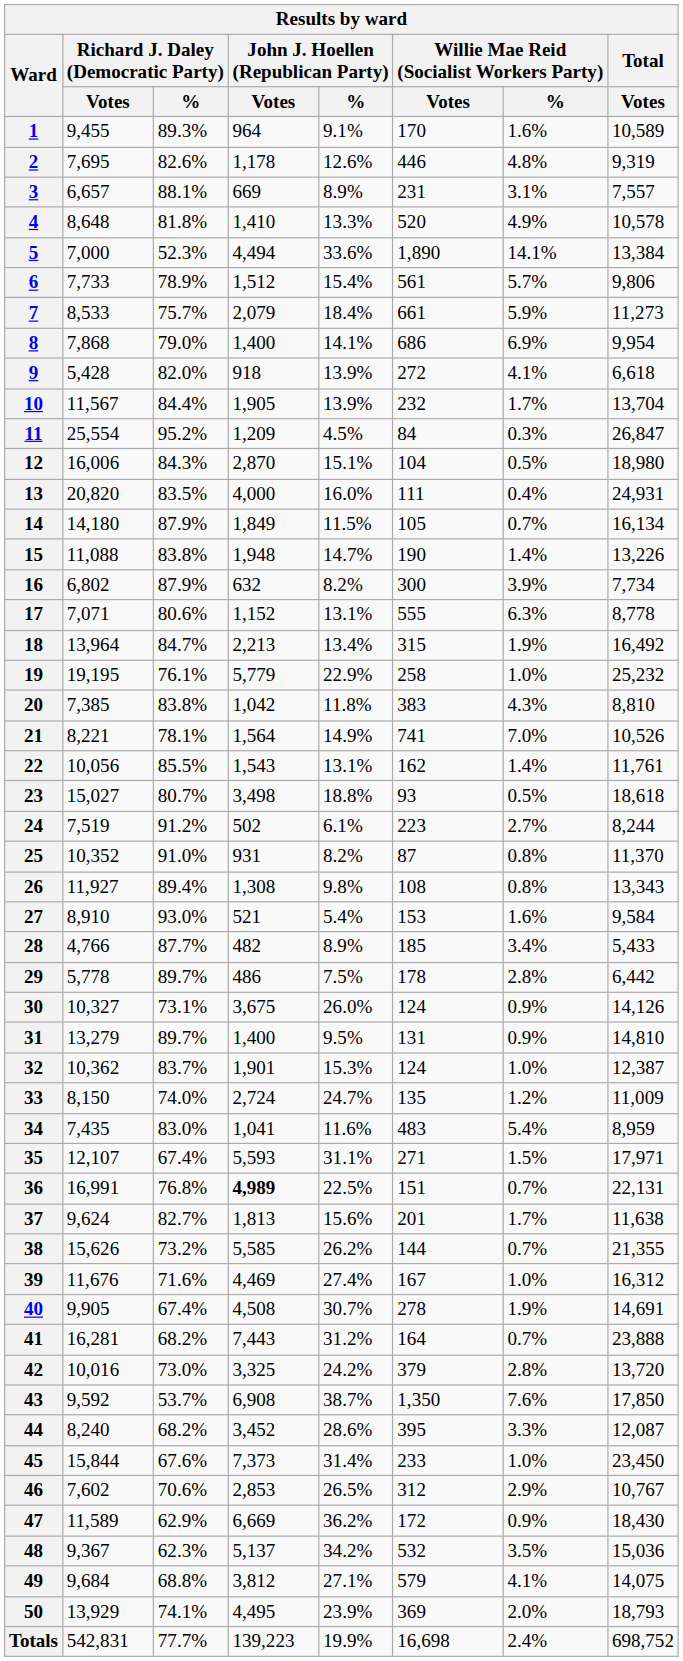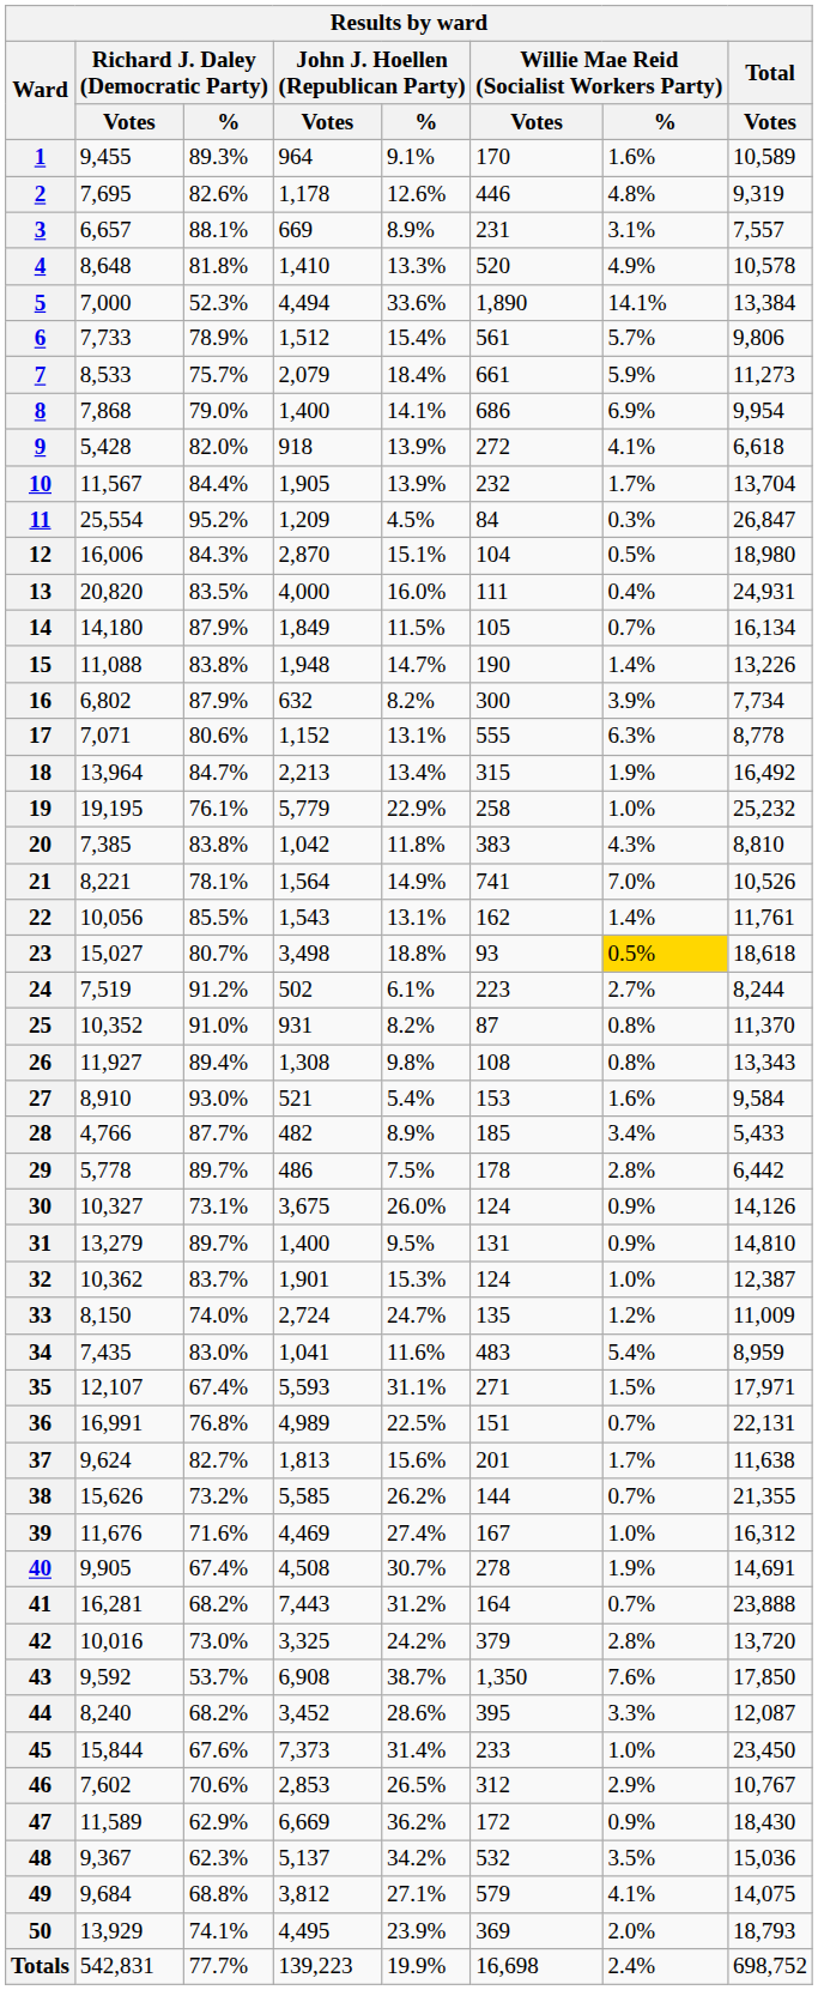 <table class="wikitable sortable">
 <tr>
 <th colspan=8>Results by ward</th>
 </tr>
 <tr>
 <th rowspan=2>Ward</th>
 <th colspan=2>Richard J. Daley<br>(Democratic Party)</th>
 <th colspan=2>John J. Hoellen<br>(Republican Party)</th>
 <th colspan=2>Willie Mae Reid<br>(Socialist Workers Party)</th>
 <th>Total</th>
 </tr>
 <tr>
 <th>Votes</th>
 <th>%</th>
 <th>Votes</th>
 <th>%</th>
 <th>Votes</th>
 <th>%</th>
 <th>Votes</th>
 </tr>
 <tr>
 <th><a href='#'>1</a></th>
 <td>9,455</td>
 <td>89.3%</td>
 <td>964</td>
 <td>9.1%</td>
 <td>170</td>
 <td>1.6%</td>
 <td>10,589</td>
 </tr>
 <tr>
 <th><a href='#'>2</a></th>
 <td>7,695</td>
 <td>82.6%</td>
 <td>1,178</td>
 <td>12.6%</td>
 <td>446</td>
 <td>4.8%</td>
 <td>9,319</td>
 </tr>
 <tr>
 <th><a href='#'>3</a></th>
 <td>6,657</td>
 <td>88.1%</td>
 <td>669</td>
 <td>8.9%</td>
 <td>231</td>
 <td>3.1%</td>
 <td>7,557</td>
 </tr>
 <tr>
 <th><a href='#'>4</a></th>
 <td>8,648</td>
 <td>81.8%</td>
 <td>1,410</td>
 <td>13.3%</td>
 <td>520</td>
 <td>4.9%</td>
 <td>10,578</td>
 </tr>
 <tr>
 <th><a href='#'>5</a></th>
 <td>7,000</td>
 <td>52.3%</td>
 <td>4,494</td>
 <td>33.6%</td>
 <td>1,890</td>
 <td>14.1%</td>
 <td>13,384</td>
 </tr>
 <tr>
 <th><a href='#'>6</a></th>
 <td>7,733</td>
 <td>78.9%</td>
 <td>1,512</td>
 <td>15.4%</td>
 <td>561</td>
 <td>5.7%</td>
 <td>9,806</td>
 </tr>
 <tr>
 <th><a href='#'>7</a></th>
 <td>8,533</td>
 <td>75.7%</td>
 <td>2,079</td>
 <td>18.4%</td>
 <td>661</td>
 <td>5.9%</td>
 <td>11,273</td>
 </tr>
 <tr>
 <th><a href='#'>8</a></th>
 <td>7,868</td>
 <td>79.0%</td>
 <td>1,400</td>
 <td>14.1%</td>
 <td>686</td>
 <td>6.9%</td>
 <td>9,954</td>
 </tr>
 <tr>
 <th><a href='#'>9</a></th>
 <td>5,428</td>
 <td>82.0%</td>
 <td>918</td>
 <td>13.9%</td>
 <td>272</td>
 <td>4.1%</td>
 <td>6,618</td>
 </tr>
 <tr>
 <th><a href='#'>10</a></th>
 <td>11,567</td>
 <td>84.4%</td>
 <td>1,905</td>
 <td>13.9%</td>
 <td>232</td>
 <td>1.7%</td>
 <td>13,704</td>
 </tr>
 <tr>
 <th><a href='#'>11</a></th>
 <td>25,554</td>
 <td>95.2%</td>
 <td>1,209</td>
 <td>4.5%</td>
 <td>84</td>
 <td>0.3%</td>
 <td>26,847</td>
 </tr>
 <tr>
 <th>12</th>
 <td>16,006</td>
 <td>84.3%</td>
 <td>2,870</td>
 <td>15.1%</td>
 <td>104</td>
 <td>0.5%</td>
 <td>18,980</td>
 </tr>
 <tr>
 <th>13</th>
 <td>20,820</td>
 <td>83.5%</td>
 <td>4,000</td>
 <td>16.0%</td>
 <td>111</td>
 <td>0.4%</td>
 <td>24,931</td>
 </tr>
 <tr>
 <th>14</th>
 <td>14,180</td>
 <td>87.9%</td>
 <td>1,849</td>
 <td>11.5%</td>
 <td>105</td>
 <td>0.7%</td>
 <td>16,134</td>
 </tr>
 <tr>
 <th>15</th>
 <td>11,088</td>
 <td>83.8%</td>
 <td>1,948</td>
 <td>14.7%</td>
 <td>190</td>
 <td>1.4%</td>
 <td>13,226</td>
 </tr>
 <tr>
 <th>16</th>
 <td>6,802</td>
 <td>87.9%</td>
 <td>632</td>
 <td>8.2%</td>
 <td>300</td>
 <td>3.9%</td>
 <td>7,734</td>
 </tr>
 <tr>
 <th>17</th>
 <td>7,071</td>
 <td>80.6%</td>
 <td>1,152</td>
 <td>13.1%</td>
 <td>555</td>
 <td>6.3%</td>
 <td>8,778</td>
 </tr>
 <tr>
 <th>18</th>
 <td>13,964</td>
 <td>84.7%</td>
 <td>2,213</td>
 <td>13.4%</td>
 <td>315</td>
 <td>1.9%</td>
 <td>16,492</td>
 </tr>
 <tr>
 <th>19</th>
 <td>19,195</td>
 <td>76.1%</td>
 <td>5,779</td>
 <td>22.9%</td>
 <td>258</td>
 <td>1.0%</td>
 <td>25,232</td>
 </tr>
 <tr>
 <th>20</th>
 <td>7,385</td>
 <td>83.8%</td>
 <td>1,042</td>
 <td>11.8%</td>
 <td>383</td>
 <td>4.3%</td>
 <td>8,810</td>
 </tr>
 <tr>
 <th>21</th>
 <td>8,221</td>
 <td>78.1%</td>
 <td>1,564</td>
 <td>14.9%</td>
 <td>741</td>
 <td>7.0%</td>
 <td>10,526</td>
 </tr>
 <tr>
 <th>22</th>
 <td>10,056</td>
 <td>85.5%</td>
 <td>1,543</td>
 <td>13.1%</td>
 <td>162</td>
 <td>1.4%</td>
 <td>11,761</td>
 </tr>
 <tr>
 <th>23</th>
 <td>15,027</td>
 <td>80.7%</td>
 <td>3,498</td>
 <td>18.8%</td>
 <td>93</td>
-<td>0.5%</td>
+<td style="background: gold;">0.5%</td>
 <td>18,618</td>
 </tr>
 <tr>
 <th>24</th>
 <td>7,519</td>
 <td>91.2%</td>
 <td>502</td>
 <td>6.1%</td>
 <td>223</td>
 <td>2.7%</td>
 <td>8,244</td>
 </tr>
 <tr>
 <th>25</th>
 <td>10,352</td>
 <td>91.0%</td>
 <td>931</td>
 <td>8.2%</td>
 <td>87</td>
 <td>0.8%</td>
 <td>11,370</td>
 </tr>
 <tr>
 <th>26</th>
 <td>11,927</td>
 <td>89.4%</td>
 <td>1,308</td>
 <td>9.8%</td>
 <td>108</td>
 <td>0.8%</td>
 <td>13,343</td>
 </tr>
 <tr>
 <th>27</th>
 <td>8,910</td>
 <td>93.0%</td>
 <td>521</td>
 <td>5.4%</td>
 <td>153</td>
 <td>1.6%</td>
 <td>9,584</td>
 </tr>
 <tr>
 <th>28</th>
 <td>4,766</td>
 <td>87.7%</td>
 <td>482</td>
 <td>8.9%</td>
 <td>185</td>
 <td>3.4%</td>
 <td>5,433</td>
 </tr>
 <tr>
 <th>29</th>
 <td>5,778</td>
 <td>89.7%</td>
 <td>486</td>
 <td>7.5%</td>
 <td>178</td>
 <td>2.8%</td>
 <td>6,442</td>
 </tr>
 <tr>
 <th>30</th>
 <td>10,327</td>
 <td>73.1%</td>
 <td>3,675</td>
 <td>26.0%</td>
 <td>124</td>
 <td>0.9%</td>
 <td>14,126</td>
 </tr>
 <tr>
 <th>31</th>
 <td>13,279</td>
 <td>89.7%</td>
 <td>1,400</td>
 <td>9.5%</td>
 <td>131</td>
 <td>0.9%</td>
 <td>14,810</td>
 </tr>
 <tr>
 <th>32</th>
 <td>10,362</td>
 <td>83.7%</td>
 <td>1,901</td>
 <td>15.3%</td>
 <td>124</td>
 <td>1.0%</td>
 <td>12,387</td>
 </tr>
 <tr>
 <th>33</th>
 <td>8,150</td>
 <td>74.0%</td>
 <td>2,724</td>
 <td>24.7%</td>
 <td>135</td>
 <td>1.2%</td>
 <td>11,009</td>
 </tr>
 <tr>
 <th>34</th>
 <td>7,435</td>
 <td>83.0%</td>
 <td>1,041</td>
 <td>11.6%</td>
 <td>483</td>
 <td>5.4%</td>
 <td>8,959</td>
 </tr>
 <tr>
 <th>35</th>
 <td>12,107</td>
 <td>67.4%</td>
 <td>5,593</td>
 <td>31.1%</td>
 <td>271</td>
 <td>1.5%</td>
 <td>17,971</td>
 </tr>
 <tr>
 <th>36</th>
 <td>16,991</td>
 <td>76.8%</td>
-<td><strong>4,989</strong></td>
+<td>4,989</td>
 <td>22.5%</td>
 <td>151</td>
 <td>0.7%</td>
 <td>22,131</td>
 </tr>
 <tr>
 <th>37</th>
 <td>9,624</td>
 <td>82.7%</td>
 <td>1,813</td>
 <td>15.6%</td>
 <td>201</td>
 <td>1.7%</td>
 <td>11,638</td>
 </tr>
 <tr>
 <th>38</th>
 <td>15,626</td>
 <td>73.2%</td>
 <td>5,585</td>
 <td>26.2%</td>
 <td>144</td>
 <td>0.7%</td>
 <td>21,355</td>
 </tr>
 <tr>
 <th>39</th>
 <td>11,676</td>
 <td>71.6%</td>
 <td>4,469</td>
 <td>27.4%</td>
 <td>167</td>
 <td>1.0%</td>
 <td>16,312</td>
 </tr>
 <tr>
 <th><a href='#'>40</a></th>
 <td>9,905</td>
 <td>67.4%</td>
 <td>4,508</td>
 <td>30.7%</td>
 <td>278</td>
 <td>1.9%</td>
 <td>14,691</td>
 </tr>
 <tr>
 <th>41</th>
 <td>16,281</td>
 <td>68.2%</td>
 <td>7,443</td>
 <td>31.2%</td>
 <td>164</td>
 <td>0.7%</td>
 <td>23,888</td>
 </tr>
 <tr>
 <th>42</th>
 <td>10,016</td>
 <td>73.0%</td>
 <td>3,325</td>
 <td>24.2%</td>
 <td>379</td>
 <td>2.8%</td>
 <td>13,720</td>
 </tr>
 <tr>
 <th>43</th>
 <td>9,592</td>
 <td>53.7%</td>
 <td>6,908</td>
 <td>38.7%</td>
 <td>1,350</td>
 <td>7.6%</td>
 <td>17,850</td>
 </tr>
 <tr>
 <th>44</th>
 <td>8,240</td>
 <td>68.2%</td>
 <td>3,452</td>
 <td>28.6%</td>
 <td>395</td>
 <td>3.3%</td>
 <td>12,087</td>
 </tr>
 <tr>
 <th>45</th>
 <td>15,844</td>
 <td>67.6%</td>
 <td>7,373</td>
 <td>31.4%</td>
 <td>233</td>
 <td>1.0%</td>
 <td>23,450</td>
 </tr>
 <tr>
 <th>46</th>
 <td>7,602</td>
 <td>70.6%</td>
 <td>2,853</td>
 <td>26.5%</td>
 <td>312</td>
 <td>2.9%</td>
 <td>10,767</td>
 </tr>
 <tr>
 <th>47</th>
 <td>11,589</td>
 <td>62.9%</td>
 <td>6,669</td>
 <td>36.2%</td>
 <td>172</td>
 <td>0.9%</td>
 <td>18,430</td>
 </tr>
 <tr>
 <th>48</th>
 <td>9,367</td>
 <td>62.3%</td>
 <td>5,137</td>
 <td>34.2%</td>
 <td>532</td>
 <td>3.5%</td>
 <td>15,036</td>
 </tr>
 <tr>
 <th>49</th>
 <td>9,684</td>
 <td>68.8%</td>
 <td>3,812</td>
 <td>27.1%</td>
 <td>579</td>
 <td>4.1%</td>
 <td>14,075</td>
 </tr>
 <tr>
 <th>50</th>
 <td>13,929</td>
 <td>74.1%</td>
 <td>4,495</td>
 <td>23.9%</td>
 <td>369</td>
 <td>2.0%</td>
 <td>18,793</td>
 </tr>
 <tr>
 <th>Totals</th>
 <td>542,831</td>
 <td>77.7%</td>
 <td>139,223</td>
 <td>19.9%</td>
 <td>16,698</td>
 <td>2.4%</td>
 <td>698,752</td>
 </tr>
 </table>
